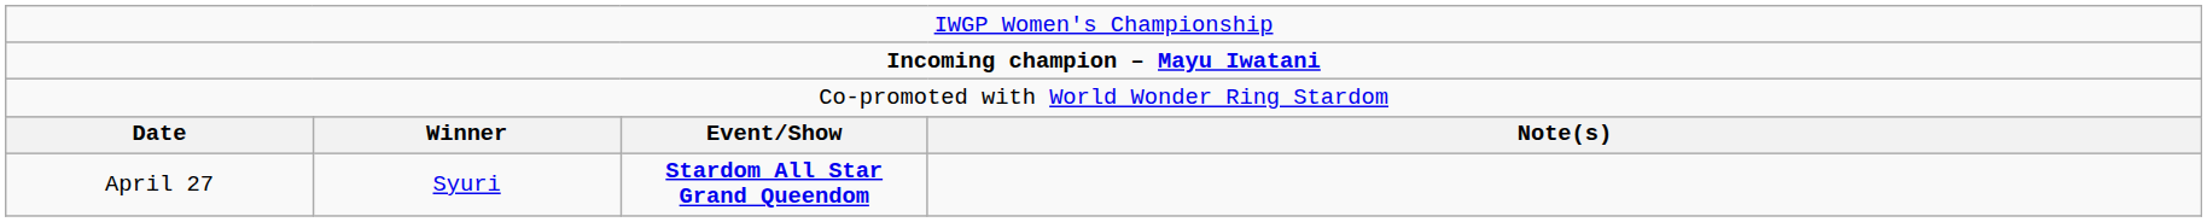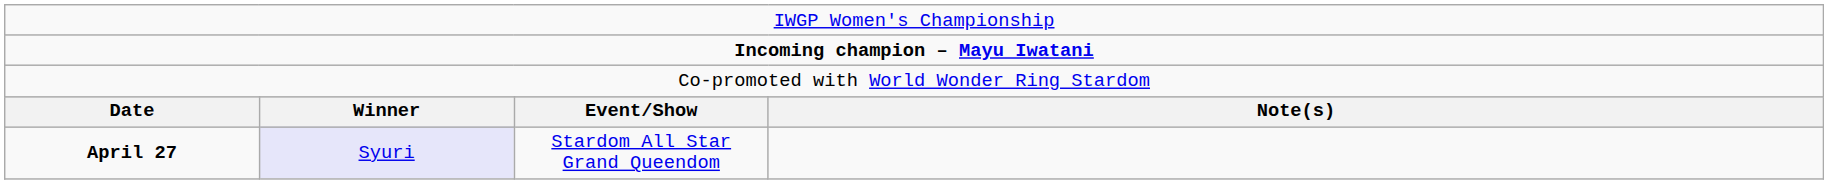 <table class="wikitable" style="text-align:center; width:100%;">
 <tr>
 <td colspan="4" style="text-align: center;"><a href='#'>IWGP Women's Championship</a></td>
 </tr>
 <tr>
 <td colspan="4" style="text-align: center;"><strong>Incoming champion – <a href='#'>Mayu Iwatani</a></strong></td>
 </tr>
 <tr>
 <td colspan=4>Co-promoted with <a href='#'>World Wonder Ring Stardom</a></td>
 </tr>
 <tr>
 <th width=14%>Date</th>
 <th width=14%>Winner</th>
 <th width=14%>Event/Show</th>
 <th width=58%>Note(s)</th>
 </tr>
 <tr>
-<td>April 27</td>
-<td><a href='#'>Syuri</a></td>
-<td><strong><a href='#'>Stardom All Star Grand Queendom</a></strong></td>
+<td><strong>April 27</strong></td>
+<td style="background: lavender;"><a href='#'>Syuri</a></td>
+<td><a href='#'>Stardom All Star Grand Queendom</a></td>
 <td></td>
 </tr>
 </table>
